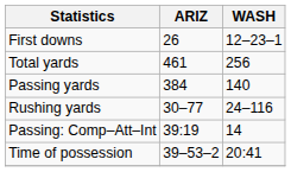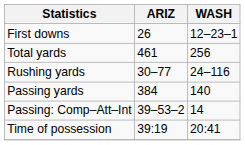 <table class="wikitable" style="float: left;">
 <tr>
 <th>Statistics</th>
 <th>ARIZ</th>
 <th>WASH</th>
 </tr>
 <tr>
 <td>First downs</td>
 <td>26</td>
 <td>12–23–1</td>
 </tr>
 <tr>
 <td>Total yards</td>
 <td>461</td>
 <td>256</td>
 </tr>
 <tr>
+<td>Rushing yards</td>
+<td>30–77</td>
+<td>24–116</td>
+</tr>
+<tr>
 <td>Passing yards</td>
 <td>384</td>
 <td>140</td>
 </tr>
 <tr>
-<td>Rushing yards</td>
-<td>30–77</td>
-<td>24–116</td>
-</tr>
-<tr>
 <td>Passing: Comp–Att–Int</td>
-<td>39:19</td>
+<td>39–53–2</td>
 <td>14</td>
 </tr>
 <tr>
 <td>Time of possession</td>
-<td>39–53–2</td>
+<td>39:19</td>
 <td>20:41</td>
 </tr>
 <tr>
 </tr>
 </table>
